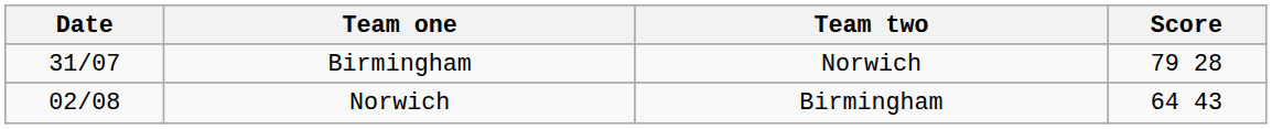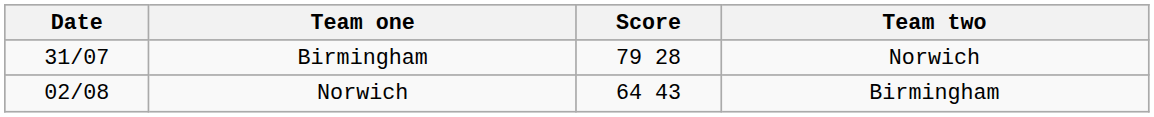 <table class="wikitable" style="text-align: center">
 <tr>
 <th width=80>Date</th>
 <th width=250>Team one</th>
+<th width=80>Score</th>
 <th width=250>Team two</th>
-<th width=80>Score</th>
 </tr>
 <tr>
 <td>31/07</td>
 <td>Birmingham</td>
+<td>79	28</td>
 <td>Norwich</td>
-<td>79	28</td>
 </tr>
 <tr>
 <td>02/08</td>
 <td>Norwich</td>
+<td>64	43</td>
 <td>Birmingham</td>
-<td>64	43</td>
 </tr>
 </table>
